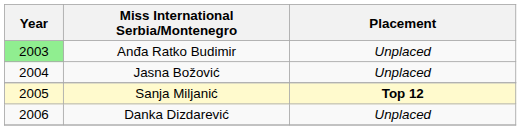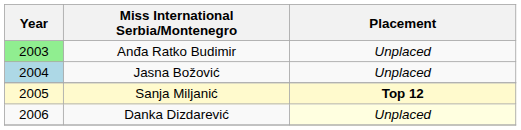 <table class="wikitable sortable" style="font-size: 95%; text-align:center">
 <tr>
 <th width="60">Year</th>
 <th width="250">Miss International Serbia/Montenegro</th>
 <th width="250">Placement</th>
 </tr>
 <tr>
 <td style="background: lightgreen;">2003</td>
 <td>Anđa Ratko Budimir</td>
 <td><em>Unplaced</em></td>
 </tr>
 <tr>
-<td>2004</td>
+<td style="background: lightblue;">2004</td>
 <td>Jasna Božović</td>
 <td><em>Unplaced</em></td>
 </tr>
 <tr>
 </tr>
 <tr style="background-color:#FFFACD;">
 <td>2005</td>
 <td>Sanja Miljanić</td>
 <td><strong>Top 12</strong></td>
 </tr>
 <tr>
 <td>2006</td>
 <td>Danka Dizdarević</td>
-<td><em>Unplaced</em></td>
+<td style="background: lightyellow;"><em>Unplaced</em></td>
 </tr>
 <tr>
 </tr>
 </table>
